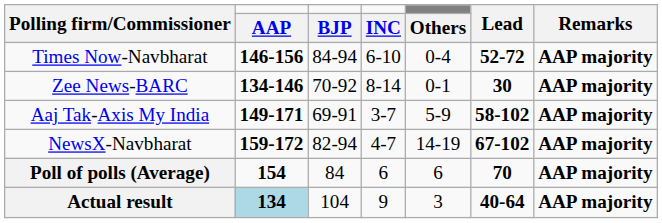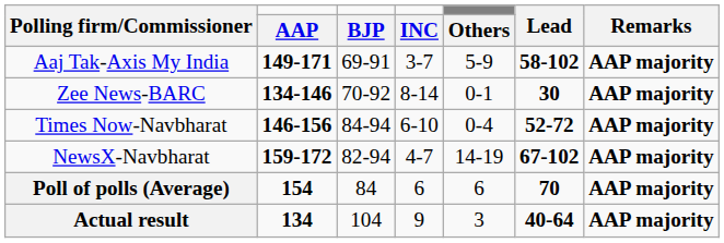 <table class="wikitable" style="text-align:center;font-size:95%;line-height:16px;">
 <tr>
 <th class="wikitable" rowspan="2">Polling firm/Commissioner</th>
 <td></td>
 <td></td>
 <td></td>
 <td style="background:gray;"></td>
 <th rowspan="2">Lead</th>
 <th rowspan="2">Remarks</th>
 </tr>
 <tr>
 <th class="wikitable"><a href='#'>AAP</a></th>
 <th class="wikitable"><a href='#'>BJP</a></th>
 <th class="wikitable"><a href='#'>INC</a></th>
 <th class="wikitable">Others</th>
 </tr>
 <tr>
-<td><a href='#'>Times Now</a>-Navbharat</td>
-<td><strong>146-156</strong></td>
-<td>84-94</td>
-<td>6-10</td>
-<td>0-4</td>
-<td><strong>52-72</strong></td>
+<td><a href='#'>Aaj Tak</a>-<a href='#'>Axis My India</a></td>
+<td><strong>149-171</strong></td>
+<td>69-91</td>
+<td>3-7</td>
+<td>5-9</td>
+<td><strong>58-102</strong></td>
 <td><strong>AAP majority</strong></td>
 </tr>
 <tr>
 <td><a href='#'>Zee News</a>-<a href='#'>BARC</a></td>
 <td><strong>134-146</strong></td>
 <td>70-92</td>
 <td>8-14</td>
 <td>0-1</td>
 <td><strong>30</strong></td>
 <td><strong>AAP majority</strong></td>
 </tr>
 <tr>
-<td><a href='#'>Aaj Tak</a>-<a href='#'>Axis My India</a></td>
-<td><strong>149-171</strong></td>
-<td>69-91</td>
-<td>3-7</td>
-<td>5-9</td>
-<td><strong>58-102</strong></td>
+<td><a href='#'>Times Now</a>-Navbharat</td>
+<td><strong>146-156</strong></td>
+<td>84-94</td>
+<td>6-10</td>
+<td>0-4</td>
+<td><strong>52-72</strong></td>
 <td><strong>AAP majority</strong></td>
 </tr>
 <tr>
 <td><a href='#'>NewsX</a>-Navbharat</td>
 <td><strong>159-172</strong></td>
 <td>82-94</td>
 <td>4-7</td>
 <td>14-19</td>
 <td><strong>67-102</strong></td>
 <td><strong>AAP majority</strong></td>
 </tr>
 <tr>
 <th>Poll of polls (Average)</th>
 <td><strong>154</strong></td>
 <td>84</td>
 <td>6</td>
 <td>6</td>
 <td><strong>70</strong></td>
 <td><strong>AAP majority</strong></td>
 </tr>
 <tr>
 <th>Actual result</th>
-<td style="background: lightblue;"><strong>134</strong></td>
+<td><strong>134</strong></td>
 <td>104</td>
 <td>9</td>
 <td>3</td>
 <td><strong>40-64</strong></td>
 <td><strong>AAP majority</strong></td>
 </tr>
 </table>
